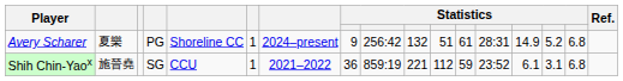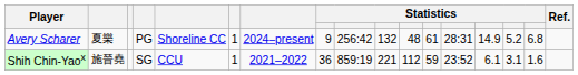 <table class="wikitable sortable" style="font-size:95%; text-align:right;">
 <tr>
 <th rowspan="2">Player</th>
 <th rowspan="2"></th>
 <th rowspan="2"></th>
 <th rowspan="2"></th>
 <th rowspan="2"></th>
 <th rowspan="2"></th>
 <th rowspan="2"></th>
 <th colspan="9">Statistics</th>
 <th rowspan="2">Ref.</th>
 </tr>
 <tr>
 <th></th>
 <th></th>
 <th></th>
 <th></th>
 <th></th>
 <th></th>
 <th></th>
 <th></th>
 <th></th>
 </tr>
 <tr>
 <td align="left"><em><a href='#'>Avery Scharer</a></em></td>
 <td align="left">夏樂</td>
 <td align="center"></td>
 <td align="center">PG</td>
 <td align="left"><a href='#'>	Shoreline CC</a></td>
 <td align="center">1</td>
 <td align="center"><a href='#'>2024–present</a></td>
 <td>9</td>
 <td>256:42</td>
 <td>132</td>
-<td>51</td>
+<td>48</td>
 <td>61</td>
 <td>28:31</td>
 <td>14.9</td>
 <td>5.2</td>
 <td>6.8</td>
 <td align="center"></td>
 </tr>
 <tr>
 <td align="left" bgcolor="#CCFFCC">Shih Chin-Yao<sup>x</sup></td>
 <td align="left">施晉堯</td>
 <td align="center"></td>
 <td align="center">SG</td>
 <td align="left"><a href='#'>CCU</a></td>
 <td align="center">1</td>
 <td align="center"><a href='#'>2021–2022</a></td>
 <td>36</td>
 <td>859:19</td>
 <td>221</td>
 <td>112</td>
 <td>59</td>
 <td>23:52</td>
 <td>6.1</td>
 <td>3.1</td>
-<td>6.8</td>
+<td>1.6</td>
 <td align="center"></td>
 </tr>
 </table>
